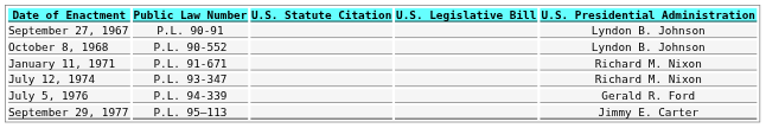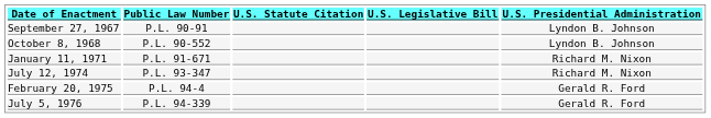 <table style="border:1px solid gray; align:left; width:70%" cellspacing=3 cellpadding=0>
 <tr style="font-weight:bold; text-align:center; background:#6FF; color:black;">
 <th style=" border-bottom:1.5px solid black">Date of Enactment</th>
 <th style=" border-bottom:1.5px solid black">Public Law Number</th>
 <th style=" border-bottom:1.5px solid black">U.S. Statute Citation</th>
 <th style=" border-bottom:1.5px solid black">U.S. Legislative Bill</th>
 <th style=" border-bottom:1.5px solid black">U.S. Presidential Administration</th>
 </tr>
 <tr>
 <td style="border-bottom:1px solid gray; background:#F5F5F5;">September 27, 1967</td>
 <td style="border-bottom:1px solid gray; background:#F5F5F5; text-align:center;">P.L. 90-91</td>
 <td style="border-bottom:1px solid gray; background:#F5F5F5; text-align:center;"></td>
 <td style="border-bottom:1px solid gray; background:#F5F5F5; text-align:center;"></td>
 <td style="border-bottom:1px solid gray; background:#F5F5F5; text-align:center;">Lyndon B. Johnson</td>
 </tr>
 <tr>
 <td style="border-bottom:1px solid gray; background:#F5F5F5;">October 8, 1968</td>
 <td style="border-bottom:1px solid gray; background:#F5F5F5; text-align:center;">P.L. 90-552</td>
 <td style="border-bottom:1px solid gray; background:#F5F5F5; text-align:center;"></td>
 <td style="border-bottom:1px solid gray; background:#F5F5F5; text-align:center;"></td>
 <td style="border-bottom:1px solid gray; background:#F5F5F5; text-align:center;">Lyndon B. Johnson</td>
 </tr>
 <tr>
 <td style="border-bottom:1px solid gray; background:#F5F5F5;">January 11, 1971</td>
 <td style="border-bottom:1px solid gray; background:#F5F5F5; text-align:center;">P.L. 91-671</td>
 <td style="border-bottom:1px solid gray; background:#F5F5F5; text-align:center;"></td>
 <td style="border-bottom:1px solid gray; background:#F5F5F5; text-align:center;"></td>
 <td style="border-bottom:1px solid gray; background:#F5F5F5; text-align:center;">Richard M. Nixon</td>
 </tr>
 <tr>
 <td style="border-bottom:1px solid gray; background:#F5F5F5;">July 12, 1974</td>
 <td style="border-bottom:1px solid gray; background:#F5F5F5; text-align:center;">P.L. 93-347</td>
 <td style="border-bottom:1px solid gray; background:#F5F5F5; text-align:center;"></td>
 <td style="border-bottom:1px solid gray; background:#F5F5F5; text-align:center;"></td>
 <td style="border-bottom:1px solid gray; background:#F5F5F5; text-align:center;">Richard M. Nixon</td>
 </tr>
 <tr>
+<td style="border-bottom:1px solid gray; background:#F5F5F5;">February 20, 1975</td>
+<td style="border-bottom:1px solid gray; background:#F5F5F5; text-align:center;">P.L. 94-4</td>
+<td style="border-bottom:1px solid gray; background:#F5F5F5; text-align:center;"></td>
+<td style="border-bottom:1px solid gray; background:#F5F5F5; text-align:center;"></td>
+<td style="border-bottom:1px solid gray; background:#F5F5F5; text-align:center;">Gerald R. Ford</td>
+</tr>
+<tr>
 <td style="border-bottom:1px solid gray; background:#F5F5F5;">July 5, 1976</td>
 <td style="border-bottom:1px solid gray; background:#F5F5F5; text-align:center;">P.L. 94-339</td>
 <td style="border-bottom:1px solid gray; background:#F5F5F5; text-align:center;"></td>
 <td style="border-bottom:1px solid gray; background:#F5F5F5; text-align:center;"></td>
 <td style="border-bottom:1px solid gray; background:#F5F5F5; text-align:center;">Gerald R. Ford</td>
 </tr>
-<tr>
-<td style="border-bottom:1.5px solid black; background:#F5F5F5;">September 29, 1977</td>
-<td style="border-bottom:1.5px solid black; background:#F5F5F5; text-align:center;">P.L. 95–113</td>
-<td style="border-bottom:1.5px solid black; background:#F5F5F5; text-align:center;"></td>
-<td style="border-bottom:1.5px solid black; background:#F5F5F5; text-align:center;"></td>
-<td style="border-bottom:1.5px solid black; background:#F5F5F5; text-align:center;">Jimmy E. Carter</td>
-</tr>
 </table>
